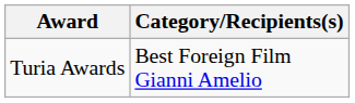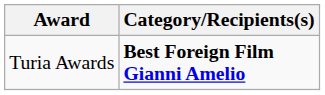 <table class="wikitable">
 <tr>
 <th>Award</th>
 <th>Category/Recipients(s)</th>
 </tr>
 <tr>
 <td>Turia Awards</td>
-<td>Best Foreign Film<br><a href='#'>Gianni Amelio</a></td>
+<td><strong>Best Foreign Film<br><a href='#'>Gianni Amelio</a></strong></td>
 </tr>
 </table>
